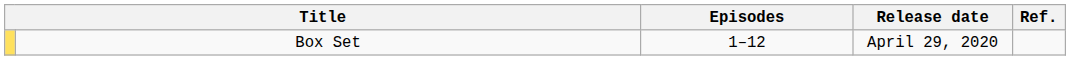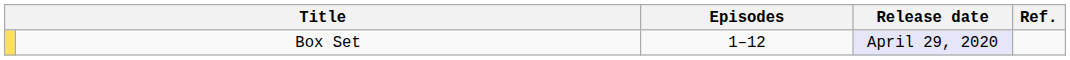 <table class="wikitable" style="text-align: center; width: 70%;">
 <tr>
 <th colspan="2">Title</th>
 <th width="20%">Episodes</th>
 <th width="15%">Release date</th>
 <th width="5%">Ref.</th>
 </tr>
 <tr>
 <td rowspan="2" width="1%" style="background: #FFE15D;"></td>
 <td>Box Set</td>
 <td>1–12</td>
-<td>April 29, 2020</td>
+<td style="background: lavender;">April 29, 2020</td>
 <td></td>
 </tr>
 </table>
